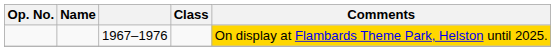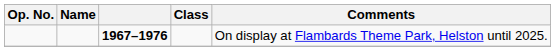 <table class="wikitable">
 <tr>
 <th>Op. No.</th>
 <th>Name</th>
 <th></th>
 <th>Class</th>
 <th>Comments</th>
 </tr>
 <tr>
 <td></td>
 <td></td>
-<td>1967–1976</td>
+<td><strong>1967–1976</strong></td>
 <td></td>
-<td style="background: gold;">On display at <a href='#'>Flambards Theme Park, Helston</a> until 2025.</td>
+<td>On display at <a href='#'>Flambards Theme Park, Helston</a> until 2025.</td>
 </tr>
 <tr>
 </tr>
 </table>
